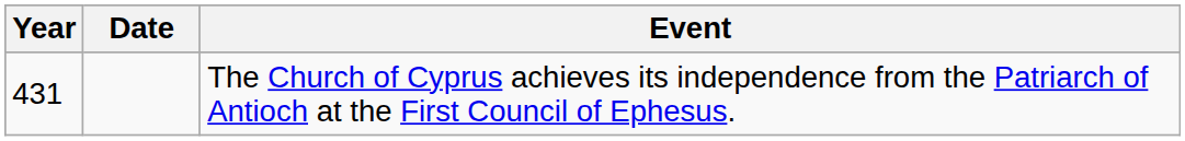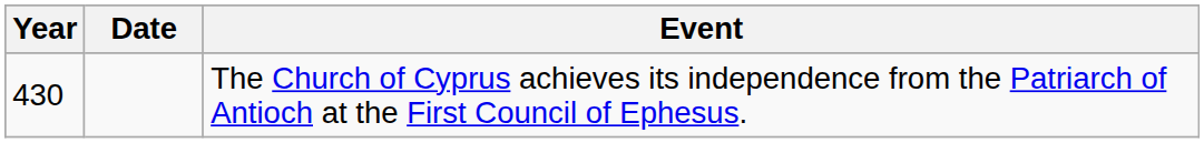 <table class="wikitable" width="100%">
 <tr>
 <th style="width:6%">Year</th>
 <th style="width:10%">Date</th>
 <th>Event</th>
 </tr>
 <tr>
-<td>431</td>
+<td>430</td>
 <td></td>
 <td>The <a href='#'>Church of Cyprus</a> achieves its independence from the <a href='#'>Patriarch of Antioch</a> at the <a href='#'>First Council of Ephesus</a>.</td>
 </tr>
 </table>
